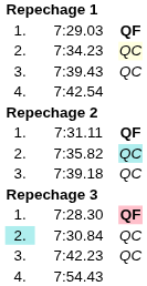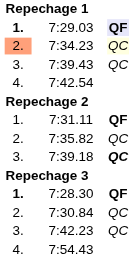 <table style="text-align:center">
 <tr>
 <td colspan=4 align=left><strong>Repechage 1</strong></td>
 </tr>
 <tr>
-<td width=30>1.</td>
+<td width=30><strong>1.</strong></td>
 <td align=left></td>
 <td width=80>7:29.03</td>
-<td><strong>QF</strong></td>
+<td style="background: lavender;"><strong>QF</strong></td>
 </tr>
 <tr>
-<td>2.</td>
+<td style="background: lightsalmon;">2.</td>
 <td align=left></td>
 <td>7:34.23</td>
 <td style="background: lightyellow;"><em>QC</em></td>
 </tr>
 <tr>
 <td>3.</td>
 <td align=left></td>
 <td>7:39.43</td>
 <td><em>QC</em></td>
 </tr>
 <tr>
 <td>4.</td>
 <td align=left></td>
 <td>7:42.54</td>
 <td></td>
 </tr>
 <tr>
 <td colspan=4 align=left><strong>Repechage 2</strong></td>
 </tr>
 <tr>
 <td>1.</td>
 <td align=left></td>
 <td>7:31.11</td>
 <td><strong>QF</strong></td>
 </tr>
 <tr>
 <td>2.</td>
 <td align=left></td>
 <td>7:35.82</td>
-<td style="background: paleturquoise;"><em>QC</em></td>
+<td><em>QC</em></td>
 </tr>
 <tr>
 <td>3.</td>
 <td align=left></td>
 <td>7:39.18</td>
-<td><em>QC</em></td>
+<td><strong><em>QC</em></strong></td>
 </tr>
 <tr>
 <td colspan=4 align=left><strong>Repechage 3</strong></td>
 </tr>
 <tr>
-<td>1.</td>
+<td><strong>1.</strong></td>
 <td align=left></td>
 <td>7:28.30</td>
-<td style="background: pink;"><strong>QF</strong></td>
+<td><strong>QF</strong></td>
 </tr>
 <tr>
-<td style="background: paleturquoise;">2.</td>
+<td>2.</td>
 <td align=left></td>
 <td>7:30.84</td>
 <td><em>QC</em></td>
 </tr>
 <tr>
 <td>3.</td>
 <td align=left></td>
 <td>7:42.23</td>
 <td><em>QC</em></td>
 </tr>
 <tr>
 <td>4.</td>
 <td align=left></td>
 <td>7:54.43</td>
 <td></td>
 </tr>
 </table>
